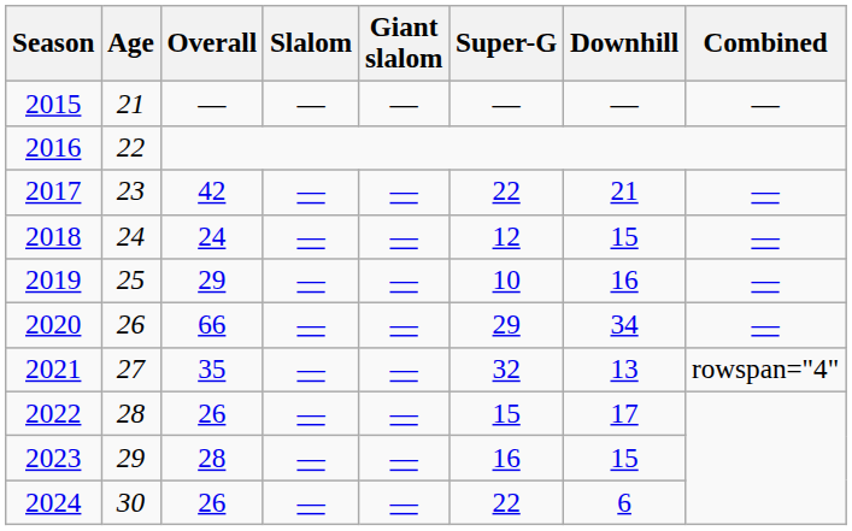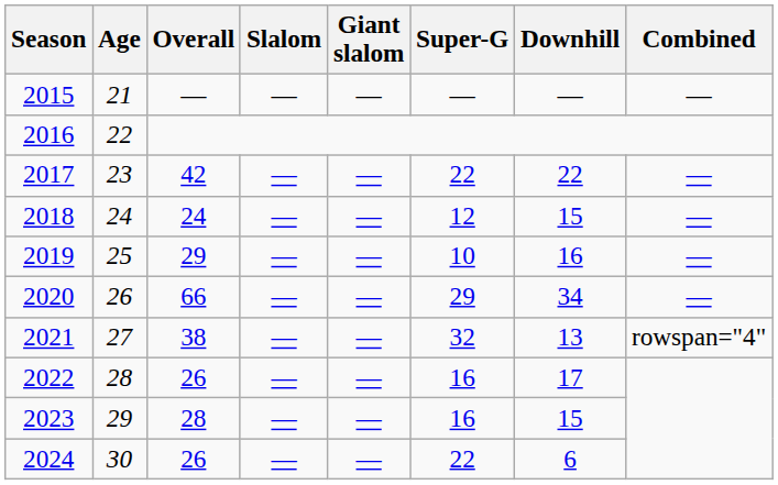 <table class=wikitable style="text-align:center">
 <tr>
 <th>Season</th>
 <th>Age</th>
 <th>Overall</th>
 <th>Slalom</th>
 <th>Giant<br>slalom</th>
 <th>Super-G</th>
 <th>Downhill</th>
 <th>Combined</th>
 </tr>
 <tr>
 <td><a href='#'>2015</a></td>
 <td><em>21</em></td>
 <td>—</td>
 <td>—</td>
 <td>—</td>
 <td>—</td>
 <td>—</td>
 <td>—</td>
 </tr>
 <tr>
 <td><a href='#'>2016</a></td>
 <td><em>22</em></td>
 <td colspan=6><em></em></td>
 </tr>
 <tr>
 <td><a href='#'>2017</a></td>
 <td><em>23</em></td>
 <td><a href='#'>42</a></td>
 <td><a href='#'>—</a></td>
 <td><a href='#'>—</a></td>
 <td><a href='#'>22</a></td>
-<td><a href='#'>21</a></td>
+<td><a href='#'>22</a></td>
 <td><a href='#'>—</a></td>
 </tr>
 <tr>
 <td><a href='#'>2018</a></td>
 <td><em>24</em></td>
 <td><a href='#'>24</a></td>
 <td><a href='#'>—</a></td>
 <td><a href='#'>—</a></td>
 <td><a href='#'>12</a></td>
 <td><a href='#'>15</a></td>
 <td><a href='#'>—</a></td>
 </tr>
 <tr>
 <td><a href='#'>2019</a></td>
 <td><em>25</em></td>
 <td><a href='#'>29</a></td>
 <td><a href='#'>—</a></td>
 <td><a href='#'>—</a></td>
 <td><a href='#'>10</a></td>
 <td><a href='#'>16</a></td>
 <td><a href='#'>—</a></td>
 </tr>
 <tr>
 <td><a href='#'>2020</a></td>
 <td><em>26</em></td>
 <td><a href='#'>66</a></td>
 <td><a href='#'>—</a></td>
 <td><a href='#'>—</a></td>
 <td><a href='#'>29</a></td>
 <td><a href='#'>34</a></td>
 <td><a href='#'>—</a></td>
 </tr>
 <tr>
 <td><a href='#'>2021</a></td>
 <td><em>27</em></td>
-<td><a href='#'>35</a></td>
+<td><a href='#'>38</a></td>
 <td><a href='#'>—</a></td>
 <td><a href='#'>—</a></td>
 <td><a href='#'>32</a></td>
 <td><a href='#'>13</a></td>
 <td>rowspan="4" </td>
 </tr>
 <tr>
 <td><a href='#'>2022</a></td>
 <td><em>28</em></td>
 <td><a href='#'>26</a></td>
 <td><a href='#'>—</a></td>
 <td><a href='#'>—</a></td>
-<td><a href='#'>15</a></td>
+<td><a href='#'>16</a></td>
 <td><a href='#'>17</a></td>
 </tr>
 <tr>
 <td><a href='#'>2023</a></td>
 <td><em>29</em></td>
 <td><a href='#'>28</a></td>
 <td><a href='#'>—</a></td>
 <td><a href='#'>—</a></td>
 <td><a href='#'>16</a></td>
 <td><a href='#'>15</a></td>
 </tr>
 <tr>
 <td><a href='#'>2024</a></td>
 <td><em>30</em></td>
 <td><a href='#'>26</a></td>
 <td><a href='#'>—</a></td>
 <td><a href='#'>—</a></td>
 <td><a href='#'>22</a></td>
 <td><a href='#'>6</a></td>
 </tr>
 </table>
